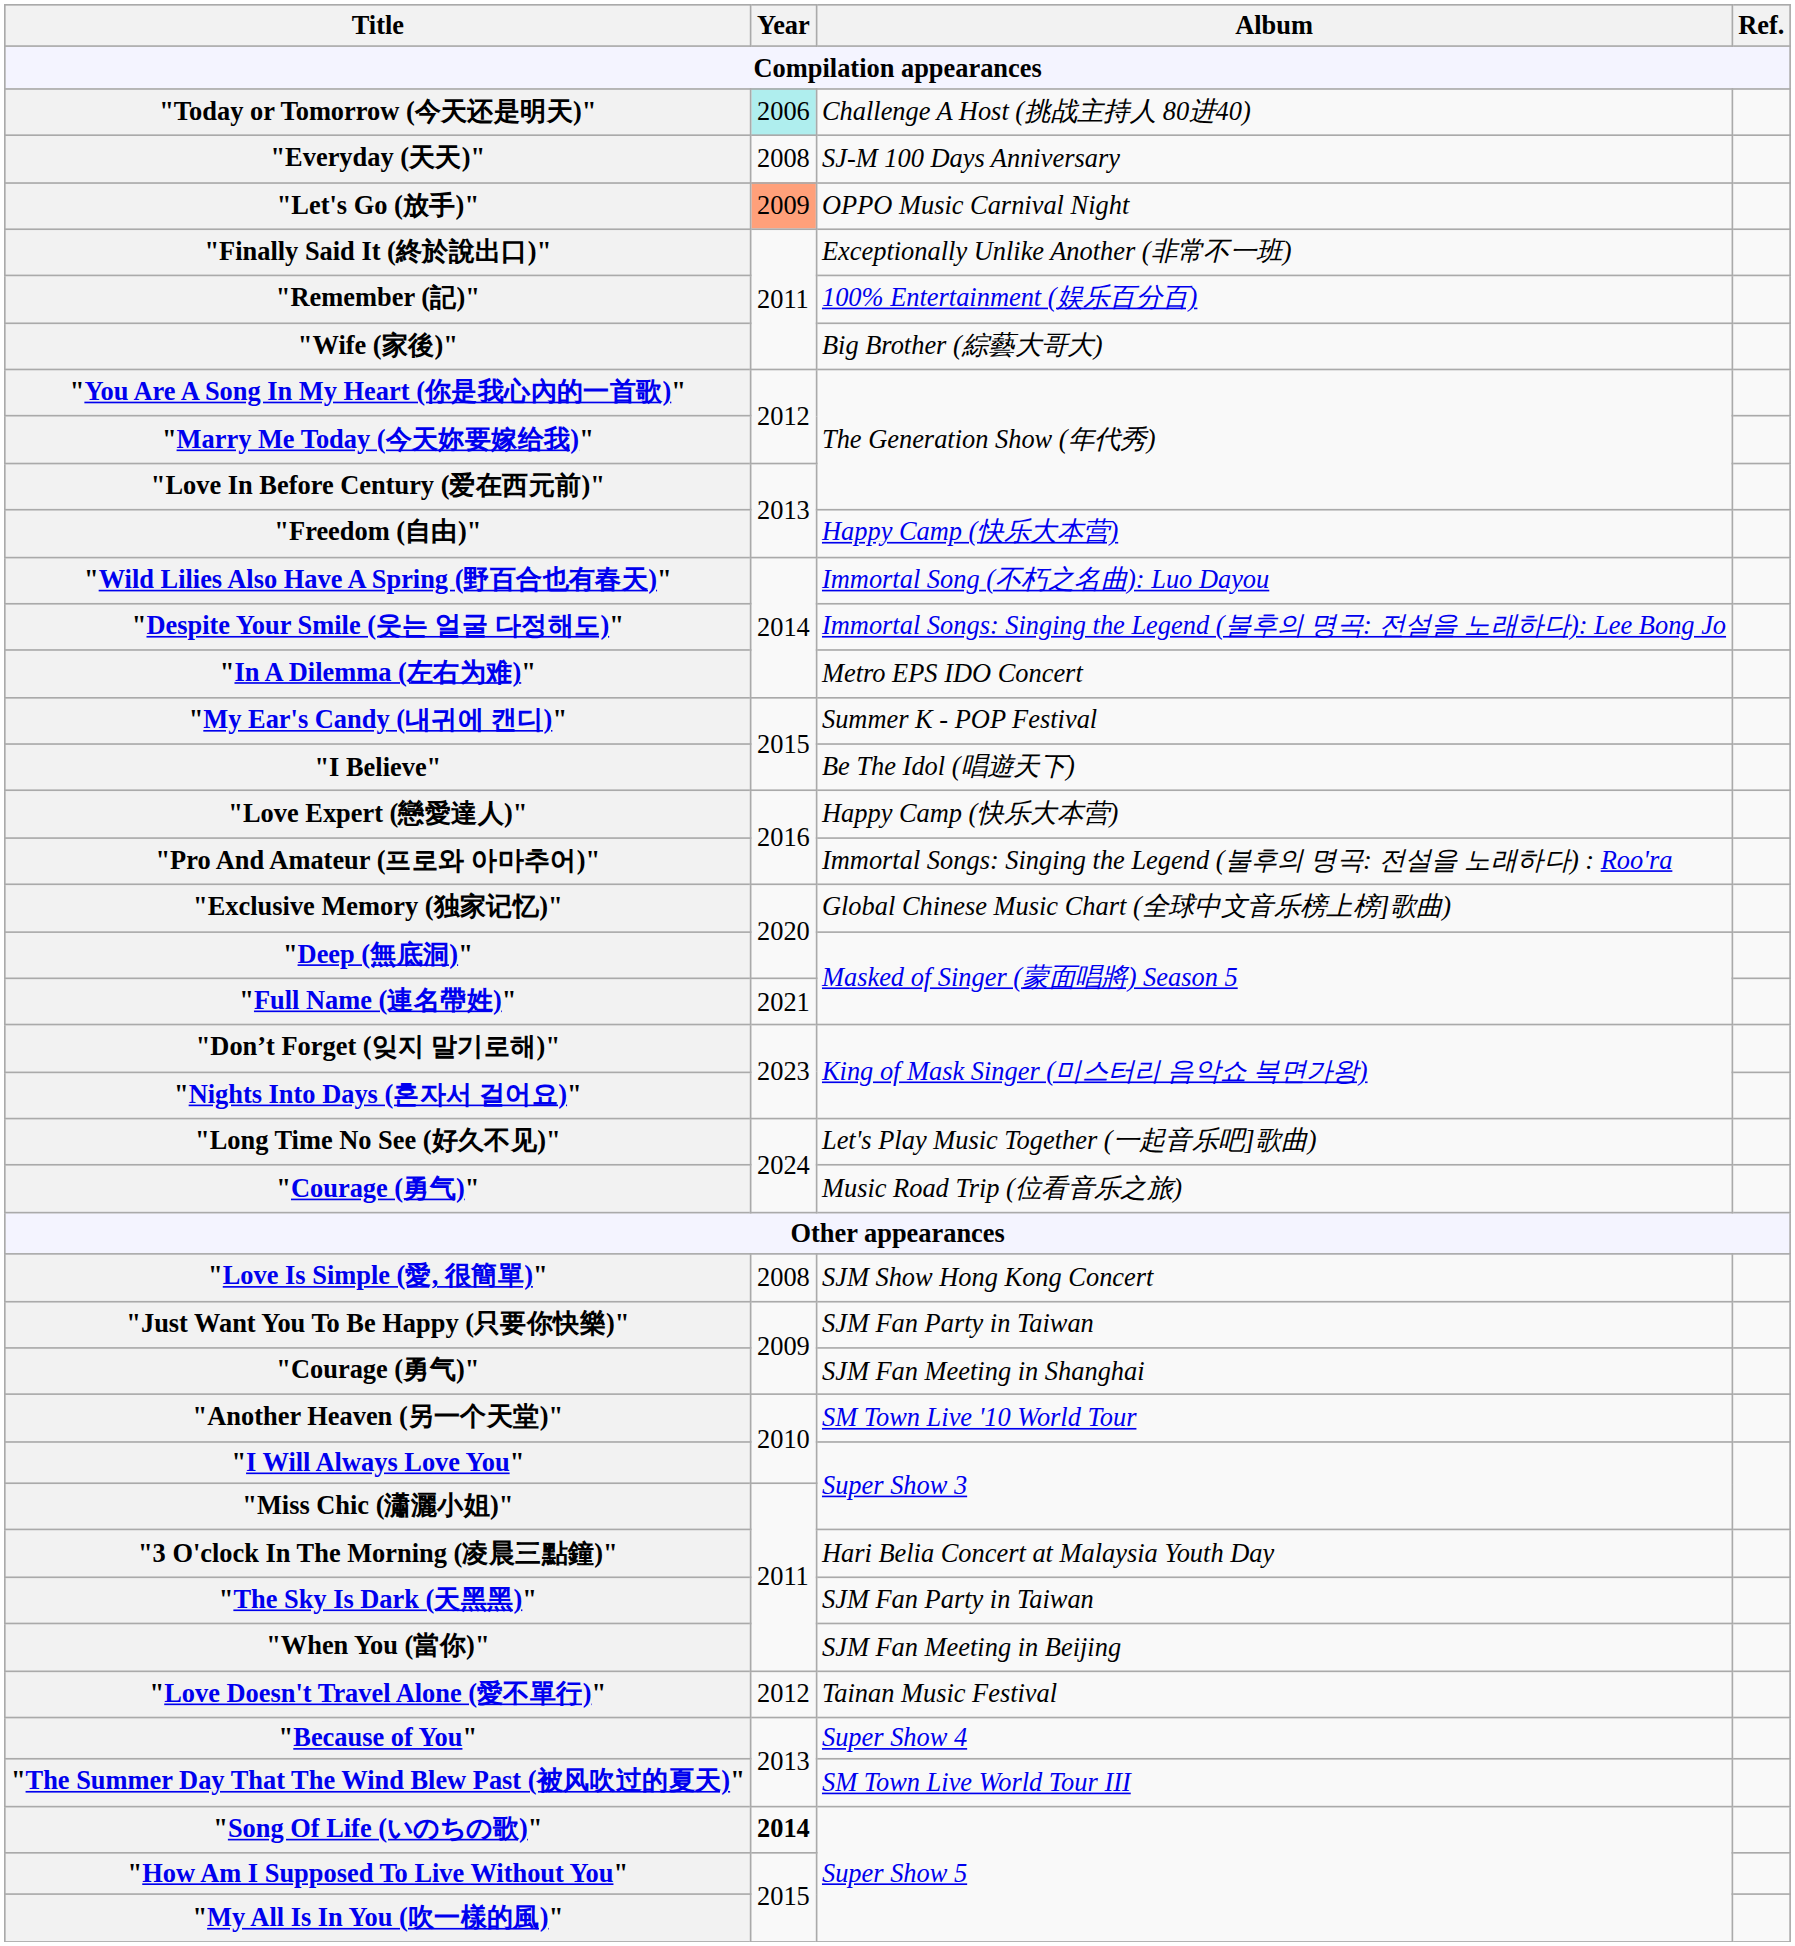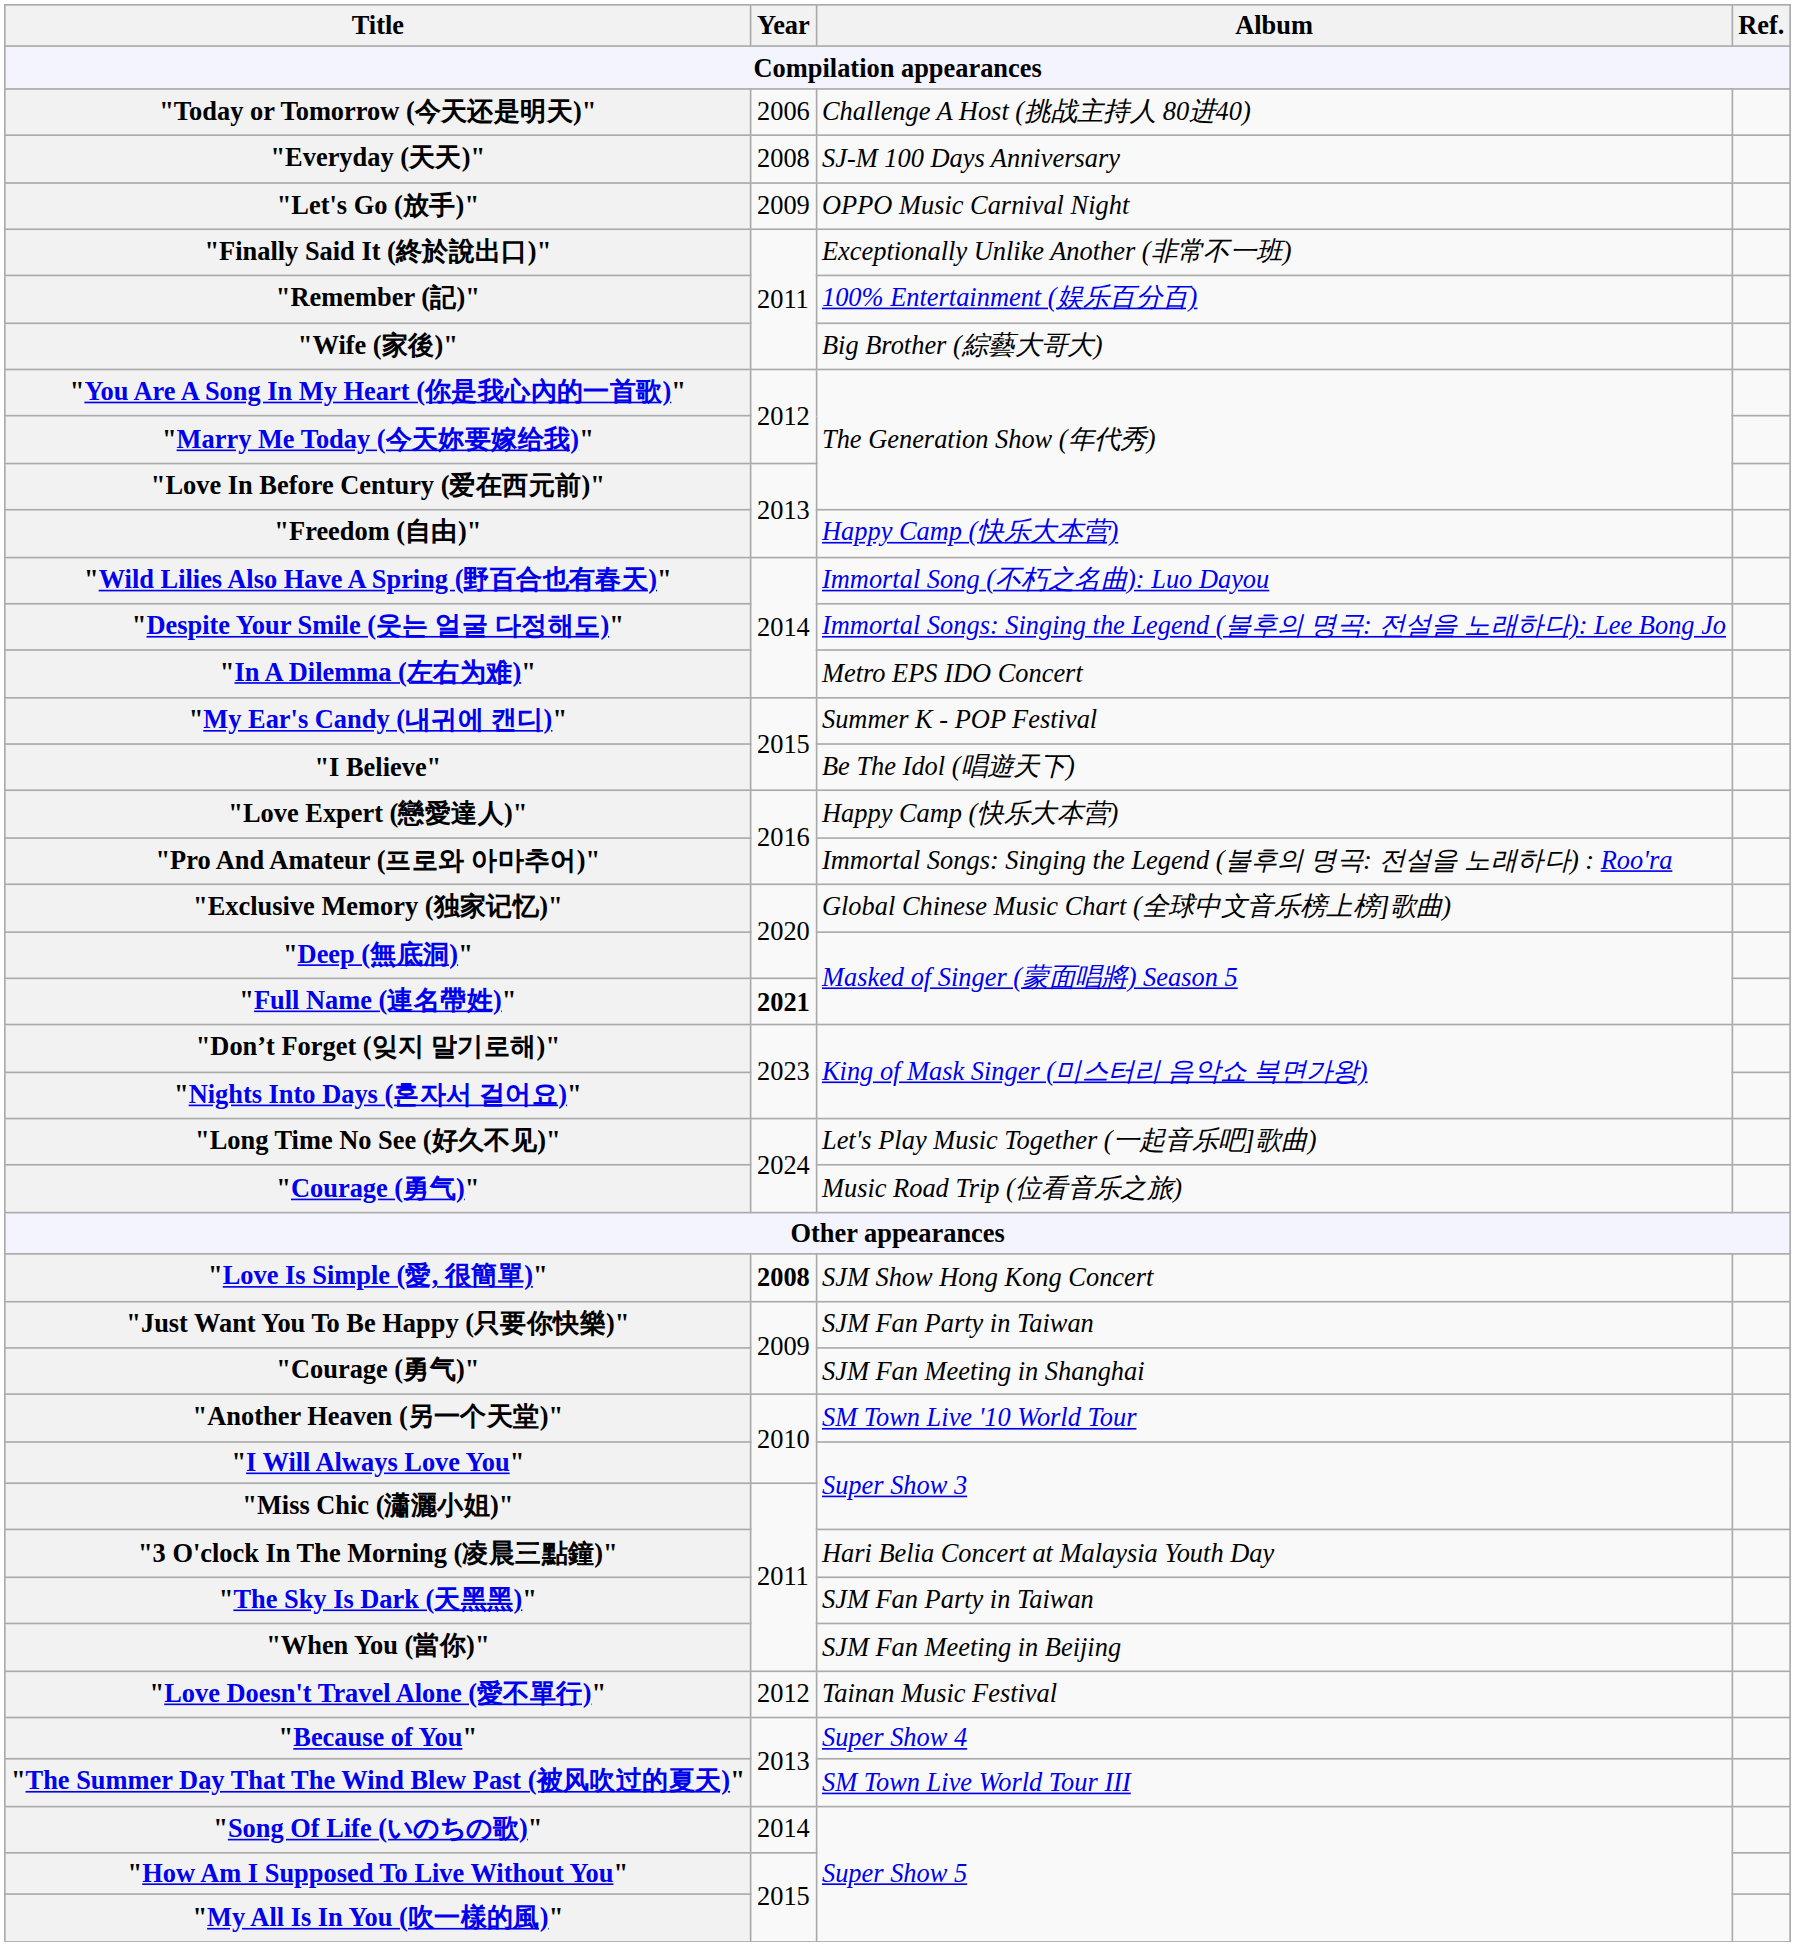 <table class="wikitable plainrowheaders sortable">
 <tr>
 <th>Title</th>
 <th>Year</th>
 <th>Album</th>
 <th>Ref.</th>
 </tr>
 <tr>
 <td colspan="4" align="center" style="background:#F4F4FF"><strong>Compilation appearances</strong></td>
 </tr>
 <tr>
 <th scope=row>"Today or Tomorrow (今天还是明天)"</th>
-<td style="background: paleturquoise;">2006</td>
+<td>2006</td>
 <td><em>Challenge A Host (挑战主持人 80进40)</em></td>
 <td></td>
 </tr>
 <tr>
 <th scope=row>"Everyday (天天)"</th>
 <td rowspan="1">2008</td>
 <td><em>SJ-M 100 Days Anniversary</em></td>
 <td></td>
 </tr>
 <tr>
 <th scope=row>"Let's Go (放手)"</th>
-<td rowspan="1" style="background: lightsalmon;">2009</td>
+<td rowspan="1">2009</td>
 <td><em>OPPO Music Carnival Night</em></td>
 <td></td>
 </tr>
 <tr>
 <th scope=row>"Finally Said It (終於說出口)"</th>
 <td rowspan="3">2011</td>
 <td rowspan="1"><em>Exceptionally Unlike Another (非常不一班)</em></td>
 <td></td>
 </tr>
 <tr>
 <th scope=row>"Remember (記)"</th>
 <td rowspan="1"><em><a href='#'>100% Entertainment (娱乐百分百)</a></em></td>
 <td></td>
 </tr>
 <tr>
 <th scope=row>"Wife (家後)"</th>
 <td><em>Big Brother (綜藝大哥大)</em></td>
 <td></td>
 </tr>
 <tr>
 <th scope=row>"<a href='#'>You Are A Song In My Heart (你是我心內的一首歌)</a>"<br></th>
 <td rowspan="2">2012</td>
 <td rowspan="3"><em>The Generation Show (年代秀)</em></td>
 <td></td>
 </tr>
 <tr>
 <th scope=row>"<a href='#'>Marry Me Today (今天妳要嫁给我)</a>"<br></th>
 <td></td>
 </tr>
 <tr>
 <th scope=row>"Love In Before Century (爱在西元前)"<br></th>
 <td rowspan="2">2013</td>
 <td></td>
 </tr>
 <tr>
 <th scope=row>"Freedom (自由)"<br></th>
 <td><em><a href='#'>Happy Camp (快乐大本营)</a></em></td>
 <td></td>
 </tr>
 <tr>
 <th scope=row>"<a href='#'>Wild Lilies Also Have A Spring (野百合也有春天)</a>"</th>
 <td rowspan="3">2014</td>
 <td><em><a href='#'>Immortal Song (不朽之名曲): Luo Dayou</a></em></td>
 <td></td>
 </tr>
 <tr>
 <th scope=row>"<a href='#'>Despite Your Smile (웃는 얼굴 다정해도)</a>"<br></th>
 <td><em><a href='#'>Immortal Songs: Singing the Legend (불후의 명곡: 전설을 노래하다): Lee Bong Jo</a></em></td>
 <td></td>
 </tr>
 <tr>
 <th scope=row>"<a href='#'>In A Dilemma (左右为难)</a>"<br></th>
 <td><em>Metro EPS IDO Concert</em></td>
 <td></td>
 </tr>
 <tr>
 <th scope=row>"<a href='#'>My Ear's Candy (내귀에 캔디)</a>"<br></th>
 <td rowspan="2">2015</td>
 <td><em>Summer K - POP Festival</em></td>
 <td></td>
 </tr>
 <tr>
 <th scope=row>"I Believe"<br></th>
 <td><em>Be The Idol (唱遊天下)</em></td>
 <td></td>
 </tr>
 <tr>
 <th scope=row>"Love Expert (戀愛達人)"<br></th>
 <td rowspan="2">2016</td>
 <td><em>Happy Camp (快乐大本营)</em></td>
 <td></td>
 </tr>
 <tr>
 <th scope=row>"Pro And Amateur (프로와 아마추어)"<br></th>
 <td><em>Immortal Songs: Singing the Legend (불후의 명곡: 전설을 노래하다) : <a href='#'>Roo'ra</a></em></td>
 <td></td>
 </tr>
 <tr>
 <th scope=row>"Exclusive Memory (独家记忆)"</th>
 <td rowspan="2">2020</td>
 <td><em>Global Chinese Music Chart (全球中文音乐榜上榜]歌曲)</em></td>
 <td></td>
 </tr>
 <tr>
 <th scope=row>"<a href='#'>Deep (無底洞)</a>"</th>
 <td rowspan="2"><em><a href='#'>Masked of Singer (蒙面唱將) Season 5</a></em></td>
 <td></td>
 </tr>
 <tr>
 <th scope=row>"<a href='#'>Full Name (連名帶姓)</a>"</th>
-<td rowspan="1">2021</td>
+<td rowspan="1"><strong>2021</strong></td>
 <td></td>
 </tr>
 <tr>
 <th scope=row>"Don’t Forget (잊지 말기로해)"</th>
 <td rowspan="2">2023</td>
 <td rowspan="2"><em><a href='#'> King of Mask Singer (미스터리 음악쇼 복면가왕)</a></em></td>
 <td></td>
 </tr>
 <tr>
 <th scope=row>"<a href='#'>Nights Into Days (혼자서 걸어요)</a>"</th>
 <td></td>
 </tr>
 <tr>
 <th scope=row>"Long Time No See (好久不见)"</th>
 <td rowspan="2">2024</td>
 <td><em>Let's Play Music Together (一起音乐吧]歌曲)</em></td>
 <td></td>
 </tr>
 <tr>
 <th scope=row>"<a href='#'>Courage (勇气)</a>"</th>
 <td><em>Music Road Trip (位看音乐之旅)</em></td>
 <td></td>
 </tr>
 <tr>
 <td colspan="4" align="center" style="background:#F4F4FF"><strong>Other appearances</strong></td>
 </tr>
 <tr>
 <th scope=row>"<a href='#'>Love Is Simple (愛, 很簡單)</a>"<br></th>
-<td>2008</td>
+<td><strong>2008</strong></td>
 <td><em>SJM Show Hong Kong Concert</em></td>
 <td></td>
 </tr>
 <tr>
 <th scope=row>"Just Want You To Be Happy (只要你快樂)"</th>
 <td rowspan="2">2009</td>
 <td><em>SJM Fan Party in Taiwan</em></td>
 <td></td>
 </tr>
 <tr>
 <th scope=row>"Courage (勇气)"</th>
 <td><em>SJM Fan Meeting in Shanghai</em></td>
 <td></td>
 </tr>
 <tr>
 <th scope=row>"Another Heaven (另一个天堂)"<br></th>
 <td rowspan="2">2010</td>
 <td><em><a href='#'>SM Town Live '10 World Tour</a></em></td>
 <td></td>
 </tr>
 <tr>
 <th scope=row>"<a href='#'>I Will Always Love You</a>"</th>
 <td rowspan="2"><em><a href='#'>Super Show 3</a></em></td>
 <td rowspan="2"></td>
 </tr>
 <tr>
 <th scope=row>"Miss Chic (瀟灑小姐)"</th>
 <td rowspan="4">2011</td>
 </tr>
 <tr>
 <th scope=row>"3 O'clock In The Morning (凌晨三點鐘)"</th>
 <td><em>Hari Belia Concert at Malaysia Youth Day</em></td>
 <td></td>
 </tr>
 <tr>
 <th scope=row>"<a href='#'>The Sky Is Dark (天黑黑)</a>"</th>
 <td><em>SJM Fan Party in Taiwan</em></td>
 <td></td>
 </tr>
 <tr>
 <th scope=row>"When You (當你)"</th>
 <td><em>SJM Fan Meeting in Beijing</em></td>
 <td></td>
 </tr>
 <tr>
 <th scope=row>"<a href='#'>Love Doesn't Travel Alone (愛不單行)</a>"<br></th>
 <td rowspan="1">2012</td>
 <td><em>Tainan Music Festival</em></td>
 <td></td>
 </tr>
 <tr>
 <th scope=row>"<a href='#'>Because of You</a>"</th>
 <td rowspan="2">2013</td>
 <td><em><a href='#'>Super Show 4</a></em></td>
 <td></td>
 </tr>
 <tr>
 <th scope=row>"<a href='#'>The Summer Day That The Wind Blew Past (被风吹过的夏天)</a>"<br></th>
 <td><em><a href='#'>SM Town Live World Tour III</a></em></td>
 <td></td>
 </tr>
 <tr>
 <th scope=row>"<a href='#'>Song Of Life (いのちの歌)</a>"<br></th>
-<td rowspan="1"><strong>2014</strong></td>
+<td rowspan="1">2014</td>
 <td rowspan="3"><em><a href='#'>Super Show 5</a></em></td>
 <td></td>
 </tr>
 <tr>
 <th scope=row>"<a href='#'>How Am I Supposed To Live Without You</a>"<br></th>
 <td rowspan="2">2015</td>
 <td></td>
 </tr>
 <tr>
 <th scope=row>"<a href='#'>My All Is In You (吹一樣的風)</a>"<br></th>
 <td></td>
 </tr>
 </table>
